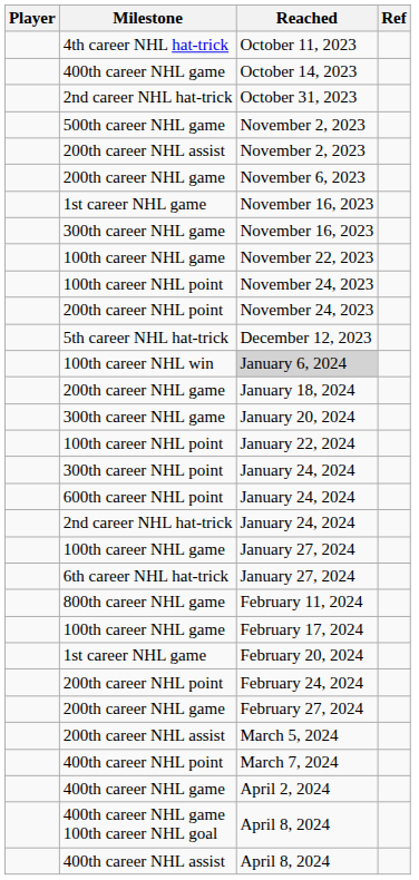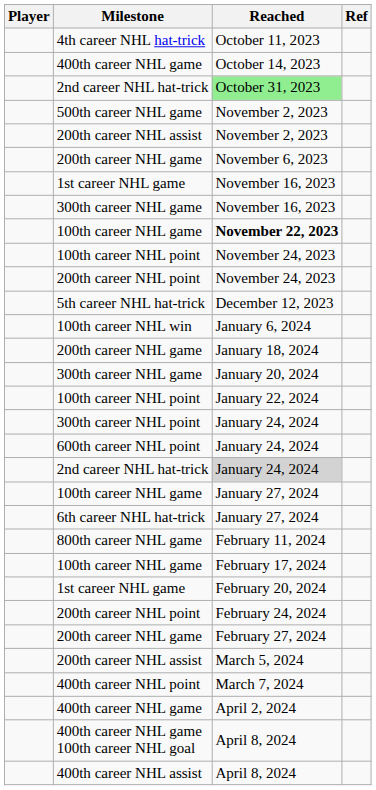 <table class="wikitable sortable">
 <tr>
 <th>Player</th>
 <th>Milestone</th>
 <th data-sort-type="date">Reached</th>
 <th>Ref</th>
 </tr>
 <tr>
 <td></td>
 <td>4th career NHL <a href='#'>hat-trick</a></td>
 <td>October 11, 2023</td>
 <td></td>
 </tr>
 <tr>
 <td></td>
 <td>400th career NHL game</td>
 <td>October 14, 2023</td>
 <td></td>
 </tr>
 <tr>
 <td></td>
 <td>2nd career NHL hat-trick</td>
-<td>October 31, 2023</td>
+<td style="background: lightgreen;">October 31, 2023</td>
 <td></td>
 </tr>
 <tr>
 <td></td>
 <td>500th career NHL game</td>
 <td>November 2, 2023</td>
 <td></td>
 </tr>
 <tr>
 <td></td>
 <td>200th career NHL assist</td>
 <td>November 2, 2023</td>
 <td></td>
 </tr>
 <tr>
 <td></td>
 <td>200th career NHL game</td>
 <td>November 6, 2023</td>
 <td></td>
 </tr>
 <tr>
 <td></td>
 <td>1st career NHL game</td>
 <td>November 16, 2023</td>
 <td></td>
 </tr>
 <tr>
 <td></td>
 <td>300th career NHL game</td>
 <td>November 16, 2023</td>
 <td></td>
 </tr>
 <tr>
 <td></td>
 <td>100th career NHL game</td>
-<td>November 22, 2023</td>
+<td><strong>November 22, 2023</strong></td>
 <td></td>
 </tr>
 <tr>
 <td></td>
 <td>100th career NHL point</td>
 <td>November 24, 2023</td>
 <td></td>
 </tr>
 <tr>
 <td></td>
 <td>200th career NHL point</td>
 <td>November 24, 2023</td>
 <td></td>
 </tr>
 <tr>
 <td></td>
 <td>5th career NHL hat-trick</td>
 <td>December 12, 2023</td>
 <td></td>
 </tr>
 <tr>
 <td></td>
 <td>100th career NHL win</td>
-<td style="background: lightgrey;">January 6, 2024</td>
+<td>January 6, 2024</td>
 <td></td>
 </tr>
 <tr>
 <td></td>
 <td>200th career NHL game</td>
 <td>January 18, 2024</td>
 <td></td>
 </tr>
 <tr>
 <td></td>
 <td>300th career NHL game</td>
 <td>January 20, 2024</td>
 <td></td>
 </tr>
 <tr>
 <td></td>
 <td>100th career NHL point</td>
 <td>January 22, 2024</td>
 <td></td>
 </tr>
 <tr>
 <td></td>
 <td>300th career NHL point</td>
 <td>January 24, 2024</td>
 <td></td>
 </tr>
 <tr>
 <td></td>
 <td>600th career NHL point</td>
 <td>January 24, 2024</td>
 <td></td>
 </tr>
 <tr>
 <td></td>
 <td>2nd career NHL hat-trick</td>
-<td>January 24, 2024</td>
+<td style="background: lightgrey;">January 24, 2024</td>
 <td></td>
 </tr>
 <tr>
 <td></td>
 <td>100th career NHL game</td>
 <td>January 27, 2024</td>
 <td></td>
 </tr>
 <tr>
 <td></td>
 <td>6th career NHL hat-trick</td>
 <td>January 27, 2024</td>
 <td></td>
 </tr>
 <tr>
 <td></td>
 <td>800th career NHL game</td>
 <td>February 11, 2024</td>
 <td></td>
 </tr>
 <tr>
 <td></td>
 <td>100th career NHL game</td>
 <td>February 17, 2024</td>
 <td></td>
 </tr>
 <tr>
 <td></td>
 <td>1st career NHL game</td>
 <td>February 20, 2024</td>
 <td></td>
 </tr>
 <tr>
 <td></td>
 <td>200th career NHL point</td>
 <td>February 24, 2024</td>
 <td></td>
 </tr>
 <tr>
 <td></td>
 <td>200th career NHL game</td>
 <td>February 27, 2024</td>
 <td></td>
 </tr>
 <tr>
 <td></td>
 <td>200th career NHL assist</td>
 <td>March 5, 2024</td>
 <td></td>
 </tr>
 <tr>
 <td></td>
 <td>400th career NHL point</td>
 <td>March 7, 2024</td>
 <td></td>
 </tr>
 <tr>
 <td></td>
 <td>400th career NHL game</td>
 <td>April 2, 2024</td>
 <td></td>
 </tr>
 <tr>
 <td></td>
 <td>400th career NHL game<br>100th career NHL goal</td>
 <td>April 8, 2024</td>
 <td></td>
 </tr>
 <tr>
 <td></td>
 <td>400th career NHL assist</td>
 <td>April 8, 2024</td>
 <td></td>
 </tr>
 </table>
